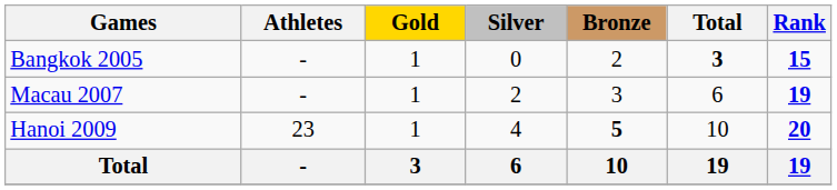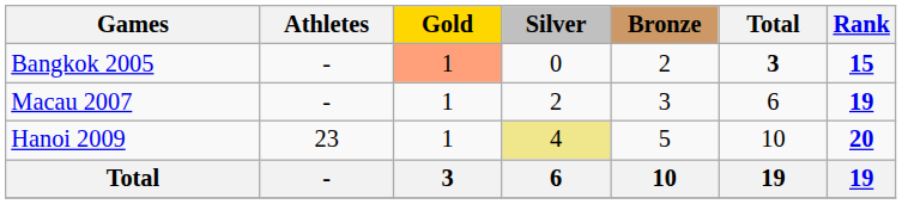 <table class="wikitable sortable" style="margin-top:0em; text-align:center; font-size:100%;">
 <tr>
 <th style="width:10em;">Games</th>
 <th scope="col" style="width:5em;">Athletes</th>
 <th style="width:4em; background:gold;">Gold</th>
 <th style="width:4em; background:silver;">Silver</th>
 <th style="width:4em; background:#cc9966;">Bronze</th>
 <th style="width:4em;">Total</th>
 <th style="width:2em;"><a href='#'>Rank</a></th>
 </tr>
 <tr>
 <td align=left> <a href='#'>Bangkok 2005</a></td>
 <td>-</td>
-<td>1</td>
+<td style="background: lightsalmon;">1</td>
 <td>0</td>
 <td>2</td>
 <td><strong>3</strong></td>
 <td><a href='#'><strong>15</strong></a></td>
 </tr>
 <tr>
 <td align=left> <a href='#'>Macau 2007</a></td>
 <td>-</td>
 <td>1</td>
 <td>2</td>
 <td>3</td>
 <td>6</td>
 <td><a href='#'><strong>19</strong></a></td>
 </tr>
 <tr>
 <td align=left> <a href='#'>Hanoi 2009</a></td>
 <td>23</td>
 <td>1</td>
-<td>4</td>
-<td><strong>5</strong></td>
+<td style="background: khaki;">4</td>
+<td>5</td>
 <td>10</td>
 <td><a href='#'><strong>20</strong></a></td>
 </tr>
 <tr>
 <th><strong>Total</strong></th>
 <th><strong>-</strong></th>
 <th><strong>3</strong></th>
 <th><strong>6</strong></th>
 <th><strong>10</strong></th>
 <th><strong>19</strong></th>
 <th><strong><a href='#'>19</a></strong></th>
 </tr>
 <tr class="sortbottom">
 </tr>
 </table>
